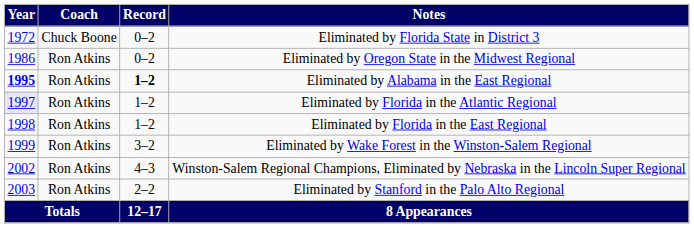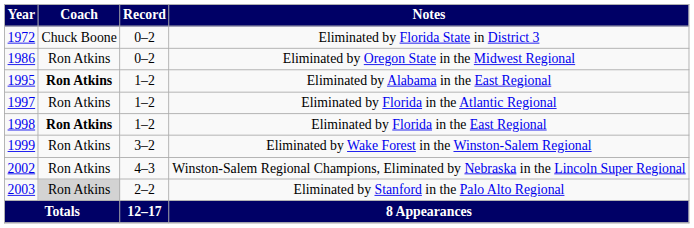 <table class="wikitable">
 <tr>
 <th style="background: #000066; color:white;">Year</th>
 <th style="background: #000066; color:white;">Coach</th>
 <th style="background: #000066; color:white;">Record</th>
 <th style="background: #000066; color:white;">Notes</th>
 </tr>
 <tr align="center">
 <td><a href='#'>1972</a></td>
 <td>Chuck Boone</td>
 <td>0–2</td>
 <td>Eliminated by <a href='#'>Florida State</a> in <a href='#'>District 3</a></td>
 </tr>
 <tr align="center">
 <td><a href='#'>1986</a></td>
 <td>Ron Atkins</td>
 <td>0–2</td>
 <td>Eliminated by <a href='#'>Oregon State</a> in the <a href='#'>Midwest Regional</a></td>
 </tr>
 <tr align="center">
-<td><strong><a href='#'>1995</a></strong></td>
-<td>Ron Atkins</td>
-<td><strong>1–2</strong></td>
+<td><a href='#'>1995</a></td>
+<td><strong>Ron Atkins</strong></td>
+<td>1–2</td>
 <td>Eliminated by <a href='#'>Alabama</a> in the <a href='#'>East Regional</a></td>
 </tr>
 <tr align="center">
-<td style="background: lavender;"><a href='#'>1997</a></td>
+<td><a href='#'>1997</a></td>
 <td>Ron Atkins</td>
 <td>1–2</td>
 <td>Eliminated by <a href='#'>Florida</a> in the <a href='#'>Atlantic Regional</a></td>
 </tr>
 <tr align="center">
 <td><a href='#'>1998</a></td>
-<td>Ron Atkins</td>
+<td><strong>Ron Atkins</strong></td>
 <td>1–2</td>
 <td>Eliminated by <a href='#'>Florida</a> in the <a href='#'>East Regional</a></td>
 </tr>
 <tr align="center">
 <td><a href='#'>1999</a></td>
 <td>Ron Atkins</td>
 <td>3–2</td>
 <td>Eliminated by <a href='#'>Wake Forest</a> in the <a href='#'>Winston-Salem Regional</a></td>
 </tr>
 <tr align="center">
 <td><a href='#'>2002</a></td>
 <td>Ron Atkins</td>
 <td>4–3</td>
 <td>Winston-Salem Regional Champions, Eliminated by <a href='#'>Nebraska</a> in the <a href='#'>Lincoln Super Regional</a></td>
 </tr>
 <tr align="center">
 <td><a href='#'>2003</a></td>
-<td>Ron Atkins</td>
+<td style="background: lightgrey;">Ron Atkins</td>
 <td>2–2</td>
 <td>Eliminated by <a href='#'>Stanford</a> in the <a href='#'>Palo Alto Regional</a></td>
 </tr>
 <tr align="center" class="sortbottom">
 <th colspan="2" style="background:#000066; color:white;">Totals</th>
 <th style="background: #000066; color:white;">12–17</th>
 <th style="background: #000066; color:white;">8 Appearances</th>
 </tr>
 <tr>
 </tr>
 </table>
